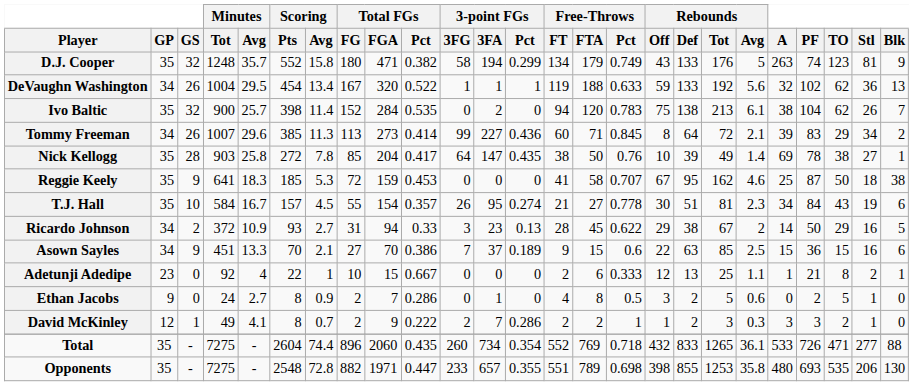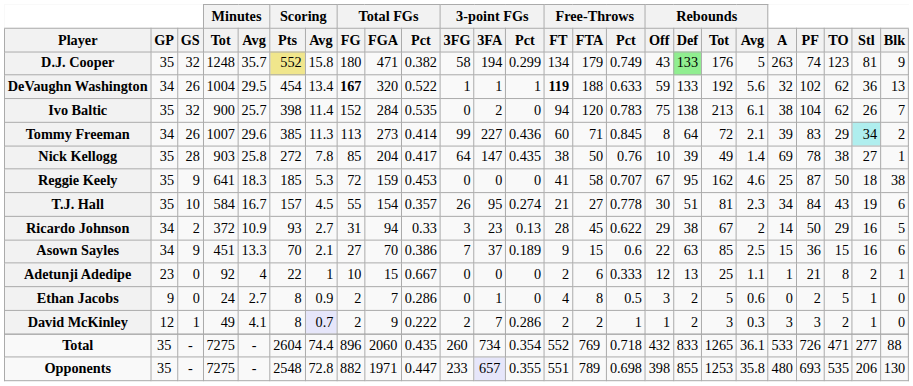 <table class="wikitable sortable" border="1" style="font-size:90%;">
 <tr>
 <th colspan="3" style="border-top-style:hidden; border-left-style:hidden; background: white;"></th>
 <th colspan="2" style=>Minutes</th>
 <th colspan="2" style=>Scoring</th>
 <th colspan="3" style=>Total FGs</th>
 <th colspan="3" style=>3-point FGs</th>
 <th colspan="3" style=>Free-Throws</th>
 <th colspan="4" style=>Rebounds</th>
 <th colspan="5" style="border-top-style:hidden; border-right-style:hidden; background: white;"></th>
 </tr>
 <tr>
 <th scope="col" style=>Player</th>
 <th scope="col" style=>GP</th>
 <th scope="col" style=>GS</th>
 <th scope="col" style=>Tot</th>
 <th scope="col" style=>Avg</th>
 <th scope="col" style=>Pts</th>
 <th scope="col" style=>Avg</th>
 <th scope="col" style=>FG</th>
 <th scope="col" style=>FGA</th>
 <th scope="col" style=>Pct</th>
 <th scope="col" style=>3FG</th>
 <th scope="col" style=>3FA</th>
 <th scope="col" style=>Pct</th>
 <th scope="col" style=>FT</th>
 <th scope="col" style=>FTA</th>
 <th scope="col" style=>Pct</th>
 <th scope="col" style=>Off</th>
 <th scope="col" style=>Def</th>
 <th scope="col" style=>Tot</th>
 <th scope="col" style=>Avg</th>
 <th scope="col" style=>A</th>
 <th scope="col" style=>PF</th>
 <th scope="col" style=>TO</th>
 <th scope="col" style=>Stl</th>
 <th scope="col" style=>Blk</th>
 </tr>
 <tr>
 <th>D.J. Cooper</th>
 <td align="right">35</td>
 <td align="right">32</td>
 <td align="right">1248</td>
 <td align="right">35.7</td>
-<td align="right">552</td>
+<td align="right" style="background: khaki;">552</td>
 <td align="right">15.8</td>
 <td align="right">180</td>
 <td align="right">471</td>
 <td align="right">0.382</td>
 <td align="right">58</td>
 <td align="right">194</td>
 <td align="right">0.299</td>
 <td align="right">134</td>
 <td align="right">179</td>
 <td align="right">0.749</td>
 <td align="right">43</td>
-<td align="right">133</td>
+<td align="right" style="background: lightgreen;">133</td>
 <td align="right">176</td>
 <td align="right">5</td>
 <td align="right">263</td>
 <td align="right">74</td>
 <td align="right">123</td>
 <td align="right">81</td>
 <td align="right">9</td>
 </tr>
 <tr>
 <th>DeVaughn Washington</th>
 <td align="right">34</td>
 <td align="right">26</td>
 <td align="right">1004</td>
 <td align="right">29.5</td>
 <td align="right">454</td>
 <td align="right">13.4</td>
-<td align="right">167</td>
+<td align="right"><strong>167</strong></td>
 <td align="right">320</td>
 <td align="right">0.522</td>
 <td align="right">1</td>
 <td align="right">1</td>
 <td align="right">1</td>
-<td align="right">119</td>
+<td align="right"><strong>119</strong></td>
 <td align="right">188</td>
 <td align="right">0.633</td>
 <td align="right">59</td>
 <td align="right">133</td>
 <td align="right">192</td>
 <td align="right">5.6</td>
 <td align="right">32</td>
 <td align="right">102</td>
 <td align="right">62</td>
 <td align="right">36</td>
 <td align="right">13</td>
 </tr>
 <tr>
 <th>Ivo Baltic</th>
 <td align="right">35</td>
 <td align="right">32</td>
 <td align="right">900</td>
 <td align="right">25.7</td>
 <td align="right">398</td>
 <td align="right">11.4</td>
 <td align="right">152</td>
 <td align="right">284</td>
 <td align="right">0.535</td>
 <td align="right">0</td>
 <td align="right">2</td>
 <td align="right">0</td>
 <td align="right">94</td>
 <td align="right">120</td>
 <td align="right">0.783</td>
 <td align="right">75</td>
 <td align="right">138</td>
 <td align="right">213</td>
 <td align="right">6.1</td>
 <td align="right">38</td>
 <td align="right">104</td>
 <td align="right">62</td>
 <td align="right">26</td>
 <td align="right">7</td>
 </tr>
 <tr>
 <th>Tommy Freeman</th>
 <td align="right">34</td>
 <td align="right">26</td>
 <td align="right">1007</td>
 <td align="right">29.6</td>
 <td align="right">385</td>
 <td align="right">11.3</td>
 <td align="right">113</td>
 <td align="right">273</td>
 <td align="right">0.414</td>
 <td align="right">99</td>
 <td align="right">227</td>
 <td align="right">0.436</td>
 <td align="right">60</td>
 <td align="right">71</td>
 <td align="right">0.845</td>
 <td align="right">8</td>
 <td align="right">64</td>
 <td align="right">72</td>
 <td align="right">2.1</td>
 <td align="right">39</td>
 <td align="right">83</td>
 <td align="right">29</td>
-<td align="right">34</td>
+<td align="right" style="background: paleturquoise;">34</td>
 <td align="right">2</td>
 </tr>
 <tr>
 <th>Nick Kellogg</th>
 <td align="right">35</td>
 <td align="right">28</td>
 <td align="right">903</td>
 <td align="right">25.8</td>
 <td align="right">272</td>
 <td align="right">7.8</td>
 <td align="right">85</td>
 <td align="right">204</td>
 <td align="right">0.417</td>
 <td align="right">64</td>
 <td align="right">147</td>
 <td align="right">0.435</td>
 <td align="right">38</td>
 <td align="right">50</td>
 <td align="right">0.76</td>
 <td align="right">10</td>
 <td align="right">39</td>
 <td align="right">49</td>
 <td align="right">1.4</td>
 <td align="right">69</td>
 <td align="right">78</td>
 <td align="right">38</td>
 <td align="right">27</td>
 <td align="right">1</td>
 </tr>
 <tr>
 <th>Reggie Keely</th>
 <td align="right">35</td>
 <td align="right">9</td>
 <td align="right">641</td>
 <td align="right">18.3</td>
 <td align="right">185</td>
 <td align="right">5.3</td>
 <td align="right">72</td>
 <td align="right">159</td>
 <td align="right">0.453</td>
 <td align="right">0</td>
 <td align="right">0</td>
 <td align="right">0</td>
 <td align="right">41</td>
 <td align="right">58</td>
 <td align="right">0.707</td>
 <td align="right">67</td>
 <td align="right">95</td>
 <td align="right">162</td>
 <td align="right">4.6</td>
 <td align="right">25</td>
 <td align="right">87</td>
 <td align="right">50</td>
 <td align="right">18</td>
 <td align="right">38</td>
 </tr>
 <tr>
 <th>T.J. Hall</th>
 <td align="right">35</td>
 <td align="right">10</td>
 <td align="right">584</td>
 <td align="right">16.7</td>
 <td align="right">157</td>
 <td align="right">4.5</td>
 <td align="right">55</td>
 <td align="right">154</td>
 <td align="right">0.357</td>
 <td align="right">26</td>
 <td align="right">95</td>
 <td align="right">0.274</td>
 <td align="right">21</td>
 <td align="right">27</td>
 <td align="right">0.778</td>
 <td align="right">30</td>
 <td align="right">51</td>
 <td align="right">81</td>
 <td align="right">2.3</td>
 <td align="right">34</td>
 <td align="right">84</td>
 <td align="right">43</td>
 <td align="right">19</td>
 <td align="right">6</td>
 </tr>
 <tr>
 <th>Ricardo Johnson</th>
 <td align="right">34</td>
 <td align="right">2</td>
 <td align="right">372</td>
 <td align="right">10.9</td>
 <td align="right">93</td>
 <td align="right">2.7</td>
 <td align="right">31</td>
 <td align="right">94</td>
 <td align="right">0.33</td>
 <td align="right">3</td>
 <td align="right">23</td>
 <td align="right">0.13</td>
 <td align="right">28</td>
 <td align="right">45</td>
 <td align="right">0.622</td>
 <td align="right">29</td>
 <td align="right">38</td>
 <td align="right">67</td>
 <td align="right">2</td>
 <td align="right">14</td>
 <td align="right">50</td>
 <td align="right">29</td>
 <td align="right">16</td>
 <td align="right">5</td>
 </tr>
 <tr>
 <th>Asown Sayles</th>
 <td align="right">34</td>
 <td align="right">9</td>
 <td align="right">451</td>
 <td align="right">13.3</td>
 <td align="right">70</td>
 <td align="right">2.1</td>
 <td align="right">27</td>
 <td align="right">70</td>
 <td align="right">0.386</td>
 <td align="right">7</td>
 <td align="right">37</td>
 <td align="right">0.189</td>
 <td align="right">9</td>
 <td align="right">15</td>
 <td align="right">0.6</td>
 <td align="right">22</td>
 <td align="right">63</td>
 <td align="right">85</td>
 <td align="right">2.5</td>
 <td align="right">15</td>
 <td align="right">36</td>
 <td align="right">15</td>
 <td align="right">16</td>
 <td align="right">6</td>
 </tr>
 <tr>
 <th>Adetunji Adedipe</th>
 <td align="right">23</td>
 <td align="right">0</td>
 <td align="right">92</td>
 <td align="right">4</td>
 <td align="right">22</td>
 <td align="right">1</td>
 <td align="right">10</td>
 <td align="right">15</td>
 <td align="right">0.667</td>
 <td align="right">0</td>
 <td align="right">0</td>
 <td align="right">0</td>
 <td align="right">2</td>
 <td align="right">6</td>
 <td align="right">0.333</td>
 <td align="right">12</td>
 <td align="right">13</td>
 <td align="right">25</td>
 <td align="right">1.1</td>
 <td align="right">1</td>
 <td align="right">21</td>
 <td align="right">8</td>
 <td align="right">2</td>
 <td align="right">1</td>
 </tr>
 <tr>
 <th>Ethan Jacobs</th>
 <td align="right">9</td>
 <td align="right">0</td>
 <td align="right">24</td>
 <td align="right">2.7</td>
 <td align="right">8</td>
 <td align="right">0.9</td>
 <td align="right">2</td>
 <td align="right">7</td>
 <td align="right">0.286</td>
 <td align="right">0</td>
 <td align="right">1</td>
 <td align="right">0</td>
 <td align="right">4</td>
 <td align="right">8</td>
 <td align="right">0.5</td>
 <td align="right">3</td>
 <td align="right">2</td>
 <td align="right">5</td>
 <td align="right">0.6</td>
 <td align="right">0</td>
 <td align="right">2</td>
 <td align="right">5</td>
 <td align="right">1</td>
 <td align="right">0</td>
 </tr>
 <tr>
 <th>David McKinley</th>
 <td align="right">12</td>
 <td align="right">1</td>
 <td align="right">49</td>
 <td align="right">4.1</td>
 <td align="right">8</td>
-<td align="right">0.7</td>
+<td align="right" style="background: lavender;">0.7</td>
 <td align="right">2</td>
 <td align="right">9</td>
 <td align="right">0.222</td>
 <td align="right">2</td>
 <td align="right">7</td>
 <td align="right">0.286</td>
 <td align="right">2</td>
 <td align="right">2</td>
 <td align="right">1</td>
 <td align="right">1</td>
 <td align="right">2</td>
 <td align="right">3</td>
 <td align="right">0.3</td>
 <td align="right">3</td>
 <td align="right">3</td>
 <td align="right">2</td>
 <td align="right">1</td>
 <td align="right">0</td>
 </tr>
 <tr>
 </tr>
 <tr class="sortbottom">
 <td align="center" style=><strong>Total</strong></td>
 <td align="center" style=>35</td>
 <td align="center" style=>-</td>
 <td align="center" style=>7275</td>
 <td align="center" style=>-</td>
 <td align="center" style=>2604</td>
 <td align="center" style=>74.4</td>
 <td align="center" style=>896</td>
 <td align="center" style=>2060</td>
 <td align="center" style=>0.435</td>
 <td align="center" style=>260</td>
 <td align="center" style=>734</td>
 <td align="center" style=>0.354</td>
 <td align="center" style=>552</td>
 <td align="center" style=>769</td>
 <td align="center" style=>0.718</td>
 <td align="center" style=>432</td>
 <td align="center" style=>833</td>
 <td align="center" style=>1265</td>
 <td align="center" style=>36.1</td>
 <td align="center" style=>533</td>
 <td align="center" style=>726</td>
 <td align="center" style=>471</td>
 <td align="center" style=>277</td>
 <td align="center" style=>88</td>
 </tr>
 <tr class="sortbottom">
 <td align="center"><strong>Opponents</strong></td>
 <td align="center">35</td>
 <td align="center">-</td>
 <td align="center">7275</td>
 <td align="center">-</td>
 <td align="center">2548</td>
 <td align="center">72.8</td>
 <td align="center">882</td>
 <td align="center">1971</td>
 <td align="center">0.447</td>
 <td align="center">233</td>
-<td align="center">657</td>
+<td align="center" style="background: lavender;">657</td>
 <td align="center">0.355</td>
 <td align="center">551</td>
 <td align="center">789</td>
 <td align="center">0.698</td>
 <td align="center">398</td>
 <td align="center">855</td>
 <td align="center">1253</td>
 <td align="center">35.8</td>
 <td align="center">480</td>
 <td align="center">693</td>
 <td align="center">535</td>
 <td align="center">206</td>
 <td align="center">130</td>
 </tr>
 </table>
